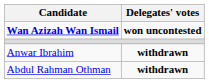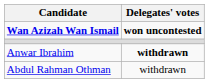 <table class=wikitable style=text-align:center>
 <tr>
 <th>Candidate</th>
 <th>Delegates' votes</th>
 </tr>
 <tr>
 <td align=left><strong><a href='#'>Wan Azizah Wan Ismail</a></strong></td>
 <td><strong>won uncontested</strong></td>
 </tr>
 <tr>
 <td colspan=3 bgcolor=dcdcdc></td>
 </tr>
 <tr>
 <td align=left><a href='#'>Anwar Ibrahim</a></td>
 <td><strong>withdrawn</strong></td>
 </tr>
 <tr>
 <td align=left><a href='#'>Abdul Rahman Othman</a></td>
-<td><strong>withdrawn</strong></td>
+<td>withdrawn</td>
 </tr>
 </table>
